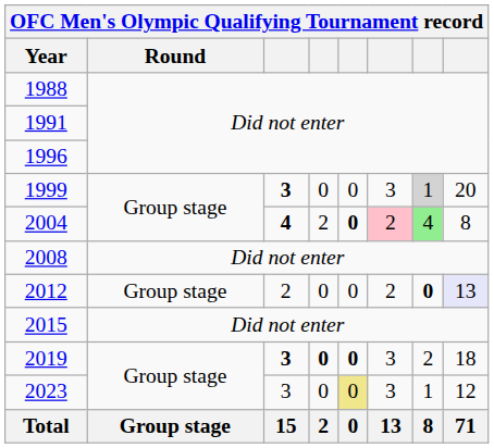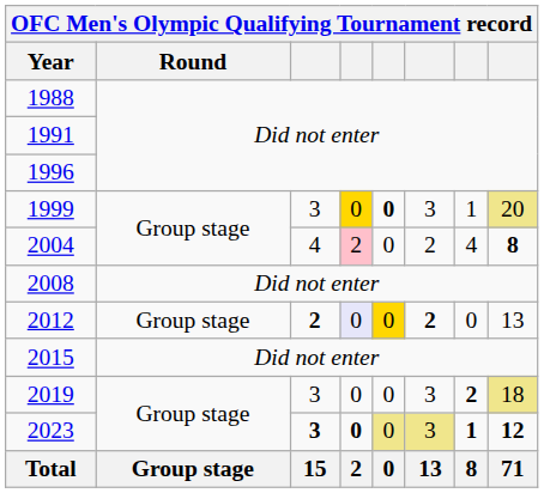 <table class="wikitable" style="text-align: center;">
 <tr>
 <th colspan=10><a href='#'>OFC Men's Olympic Qualifying Tournament</a> record</th>
 </tr>
 <tr>
 <th>Year</th>
 <th>Round</th>
 <th></th>
 <th></th>
 <th></th>
 <th></th>
 <th></th>
 <th></th>
 </tr>
 <tr>
 <td>  <a href='#'>1988</a></td>
 <td colspan=7 rowspan=3><em>Did not enter</em></td>
 </tr>
 <tr>
 <td> <a href='#'>1991</a></td>
 </tr>
 <tr>
 <td> <a href='#'>1996</a></td>
 </tr>
 <tr>
 <td> <a href='#'>1999</a></td>
 <td rowspan=2>Group stage</td>
-<td><strong>3</strong></td>
-<td>0</td>
-<td>0</td>
 <td>3</td>
-<td style="background: lightgrey;">1</td>
-<td>20</td>
+<td style="background: gold;">0</td>
+<td><strong>0</strong></td>
+<td>3</td>
+<td>1</td>
+<td style="background: khaki;">20</td>
 </tr>
 <tr>
 <td>  <a href='#'>2004</a></td>
-<td><strong>4</strong></td>
+<td>4</td>
+<td style="background: pink;">2</td>
+<td>0</td>
 <td>2</td>
-<td><strong>0</strong></td>
-<td style="background: pink;">2</td>
-<td style="background: lightgreen;">4</td>
-<td>8</td>
+<td>4</td>
+<td><strong>8</strong></td>
 </tr>
 <tr>
 <td> <a href='#'>2008</a></td>
 <td colspan=7><em>Did not enter</em></td>
 </tr>
 <tr>
 <td> <a href='#'>2012</a></td>
 <td>Group stage</td>
-<td>2</td>
+<td><strong>2</strong></td>
+<td style="background: lavender;">0</td>
+<td style="background: gold;">0</td>
+<td><strong>2</strong></td>
 <td>0</td>
-<td>0</td>
-<td>2</td>
-<td><strong>0</strong></td>
-<td style="background: lavender;">13</td>
+<td>13</td>
 </tr>
 <tr>
 <td> <a href='#'>2015</a></td>
 <td colspan=7><em>Did not enter</em></td>
 </tr>
 <tr>
 <td> <a href='#'>2019</a></td>
 <td rowspan =2>Group stage</td>
-<td><strong>3</strong></td>
-<td><strong>0</strong></td>
-<td><strong>0</strong></td>
 <td>3</td>
-<td>2</td>
-<td>18</td>
+<td>0</td>
+<td>0</td>
+<td>3</td>
+<td><strong>2</strong></td>
+<td style="background: khaki;">18</td>
 </tr>
 <tr>
 <td> <a href='#'>2023</a></td>
-<td>3</td>
-<td>0</td>
+<td><strong>3</strong></td>
+<td><strong>0</strong></td>
 <td style="background: khaki;">0</td>
-<td>3</td>
-<td>1</td>
-<td>12</td>
+<td style="background: khaki;">3</td>
+<td><strong>1</strong></td>
+<td><strong>12</strong></td>
 </tr>
 <tr>
 <th><strong>Total</strong></th>
 <th>Group stage</th>
 <th><strong>15</strong></th>
 <th><strong>2</strong></th>
 <th><strong>0</strong></th>
 <th><strong>13</strong></th>
 <th><strong>8</strong></th>
 <th><strong>71</strong></th>
 </tr>
 </table>
